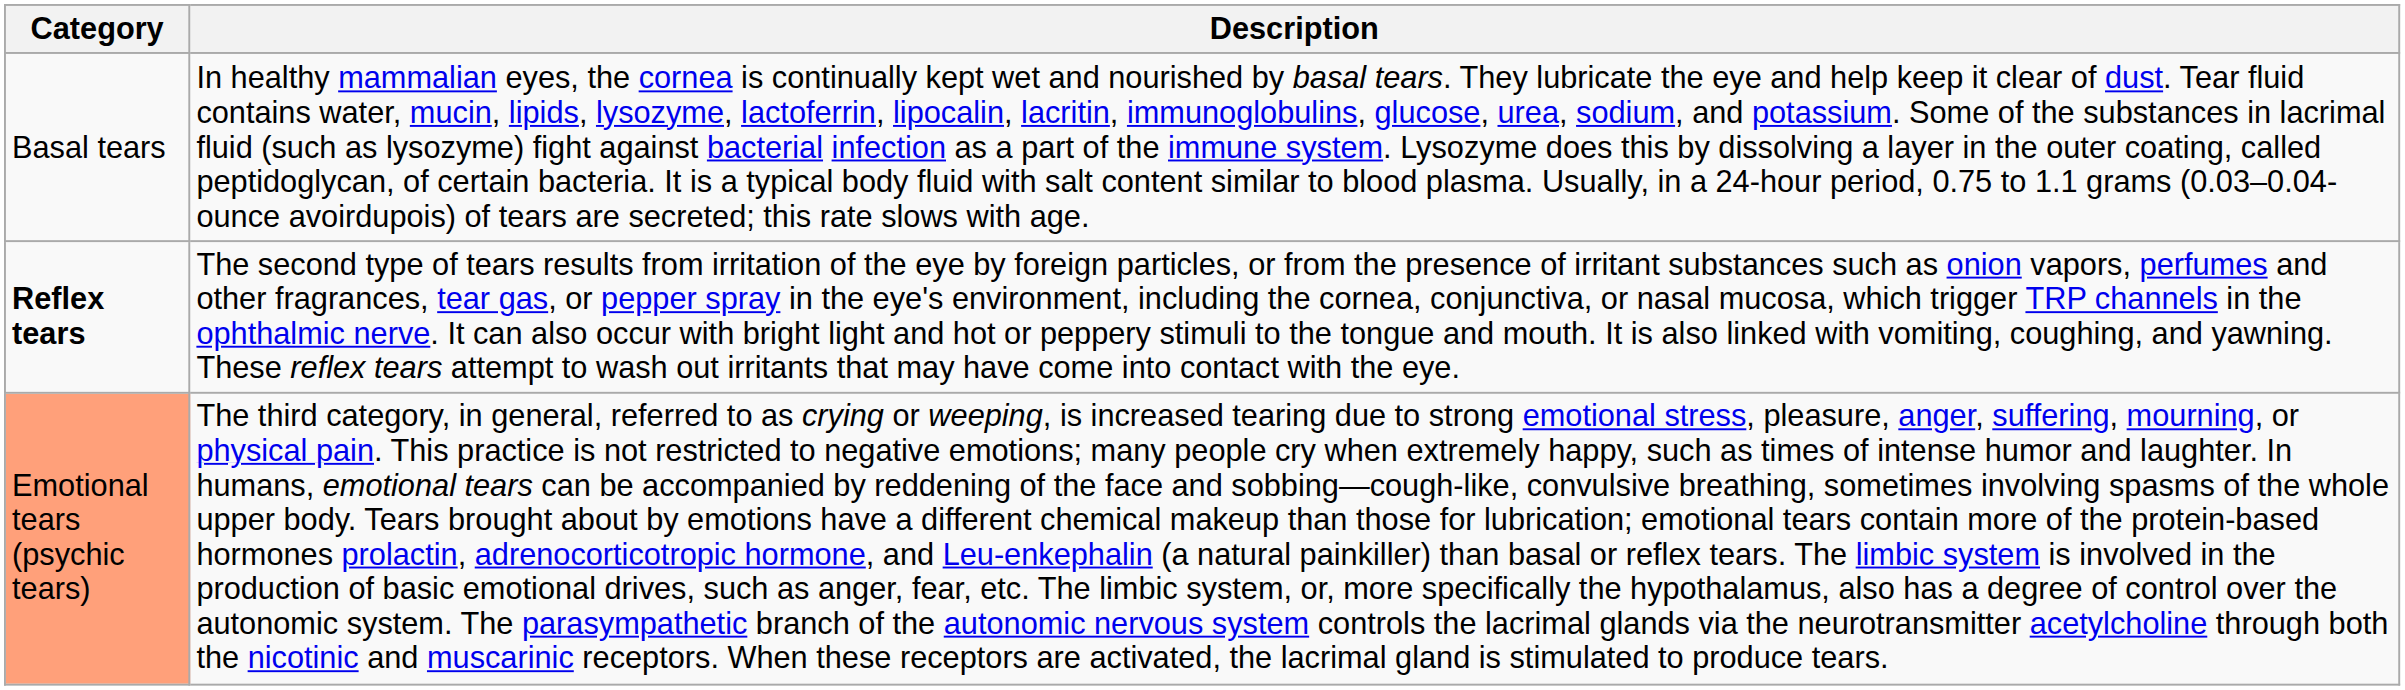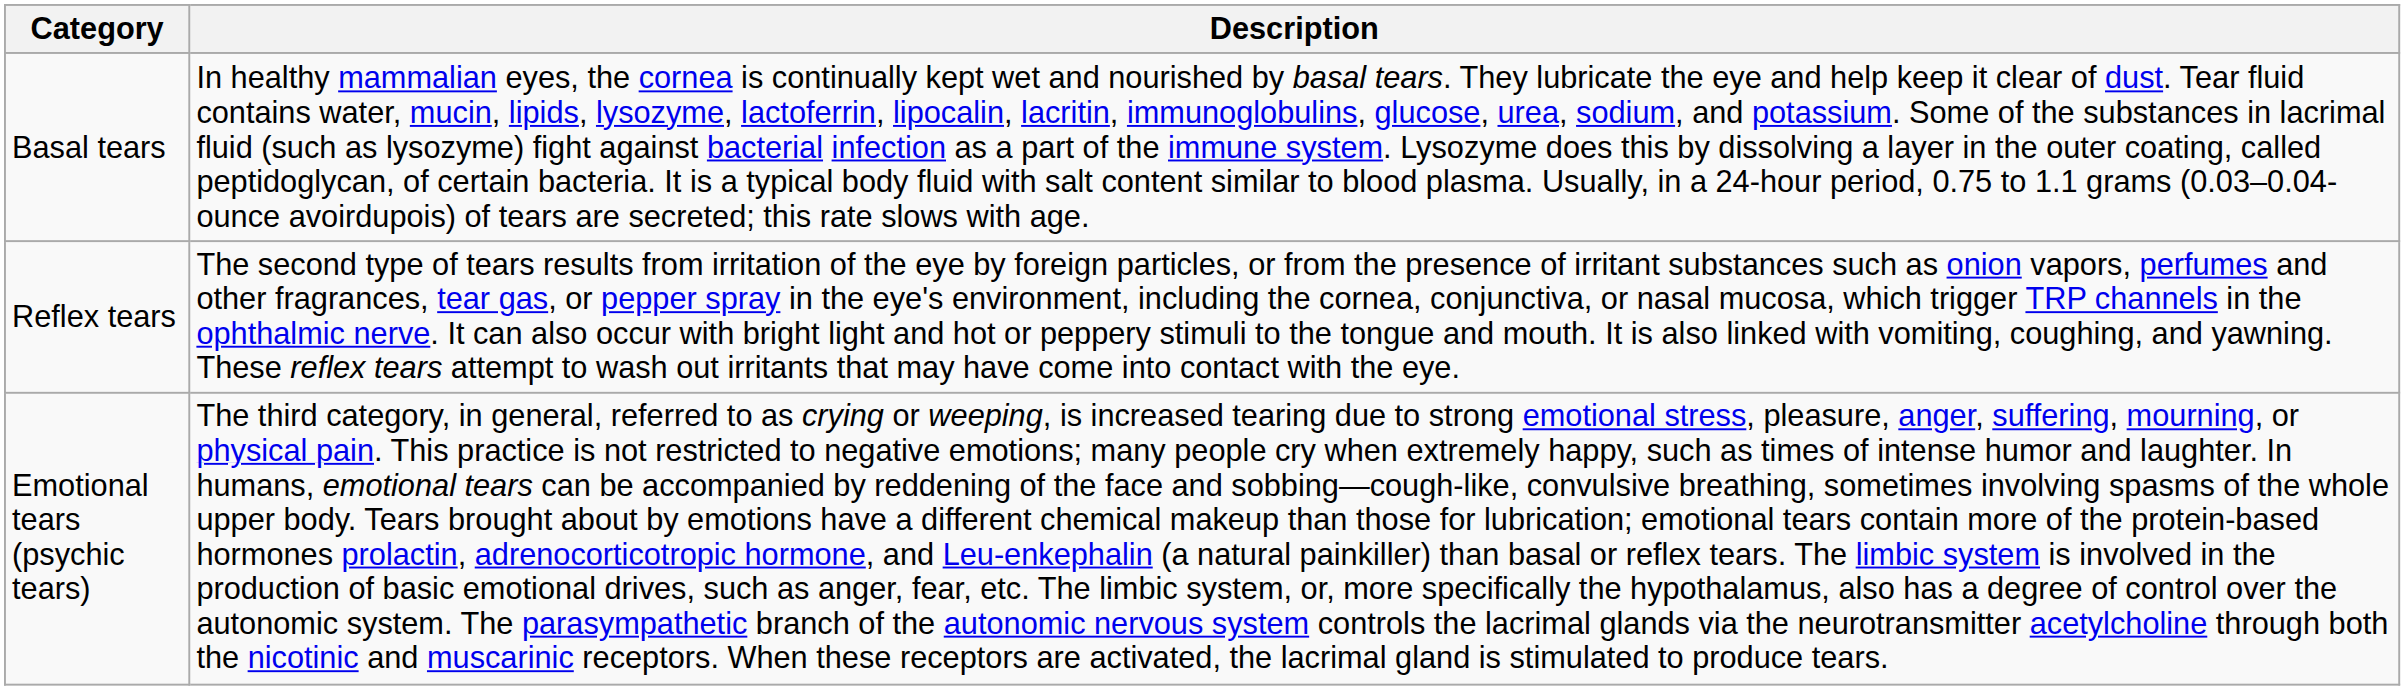 <table class="wikitable">
 <tr>
 <th>Category</th>
 <th>Description</th>
 </tr>
 <tr>
 <td>Basal tears</td>
 <td>In healthy <a href='#'>mammalian</a> eyes, the <a href='#'>cornea</a> is continually kept wet and nourished by <em>basal tears</em>. They lubricate the eye and help keep it clear of <a href='#'>dust</a>. Tear fluid contains water, <a href='#'>mucin</a>, <a href='#'>lipids</a>, <a href='#'>lysozyme</a>, <a href='#'>lactoferrin</a>, <a href='#'>lipocalin</a>, <a href='#'>lacritin</a>, <a href='#'>immunoglobulins</a>, <a href='#'>glucose</a>, <a href='#'>urea</a>, <a href='#'>sodium</a>, and <a href='#'>potassium</a>. Some of the substances in lacrimal fluid (such as lysozyme) fight against <a href='#'>bacterial</a> <a href='#'>infection</a> as a part of the <a href='#'>immune system</a>. Lysozyme does this by dissolving a layer in the outer coating, called peptidoglycan, of certain bacteria. It is a typical body fluid with salt content similar to blood plasma. Usually, in a 24-hour period, 0.75 to 1.1 grams (0.03–0.04-ounce avoirdupois) of tears are secreted; this rate slows with age.</td>
 </tr>
 <tr>
-<td><strong>Reflex tears</strong></td>
+<td>Reflex tears</td>
 <td>The second type of tears results from irritation of the eye by foreign particles, or from the presence of irritant substances such as <a href='#'>onion</a> vapors, <a href='#'>perfumes</a> and other fragrances, <a href='#'>tear gas</a>, or <a href='#'>pepper spray</a> in the eye's environment, including the cornea, conjunctiva, or nasal mucosa, which trigger <a href='#'>TRP channels</a> in the <a href='#'>ophthalmic nerve</a>. It can also occur with bright light and hot or peppery stimuli to the tongue and mouth. It is also linked with vomiting, coughing, and yawning. These <em>reflex tears</em> attempt to wash out irritants that may have come into contact with the eye.</td>
 </tr>
 <tr>
-<td style="background: lightsalmon;">Emotional tears (psychic tears)</td>
+<td>Emotional tears (psychic tears)</td>
 <td>The third category, in general, referred to as <em>crying</em> or <em>weeping</em>, is increased tearing due to strong <a href='#'>emotional stress</a>, pleasure, <a href='#'>anger</a>, <a href='#'>suffering</a>, <a href='#'>mourning</a>, or <a href='#'>physical pain</a>. This practice is not restricted to negative emotions; many people cry when extremely happy, such as times of intense humor and laughter. In humans, <em>emotional tears</em> can be accompanied by reddening of the face and sobbing—cough-like, convulsive breathing, sometimes involving spasms of the whole upper body. Tears brought about by emotions have a different chemical makeup than those for lubrication; emotional tears contain more of the protein-based hormones <a href='#'>prolactin</a>, <a href='#'>adrenocorticotropic hormone</a>, and <a href='#'>Leu-enkephalin</a> (a natural painkiller) than basal or reflex tears. The <a href='#'>limbic system</a> is involved in the production of basic emotional drives, such as anger, fear, etc. The limbic system, or, more specifically the hypothalamus, also has a degree of control over the autonomic system. The <a href='#'>parasympathetic</a> branch of the <a href='#'>autonomic nervous system</a> controls the lacrimal glands via the neurotransmitter <a href='#'>acetylcholine</a> through both the <a href='#'>nicotinic</a> and <a href='#'>muscarinic</a> receptors. When these receptors are activated, the lacrimal gland is stimulated to produce tears.</td>
 </tr>
 </table>
